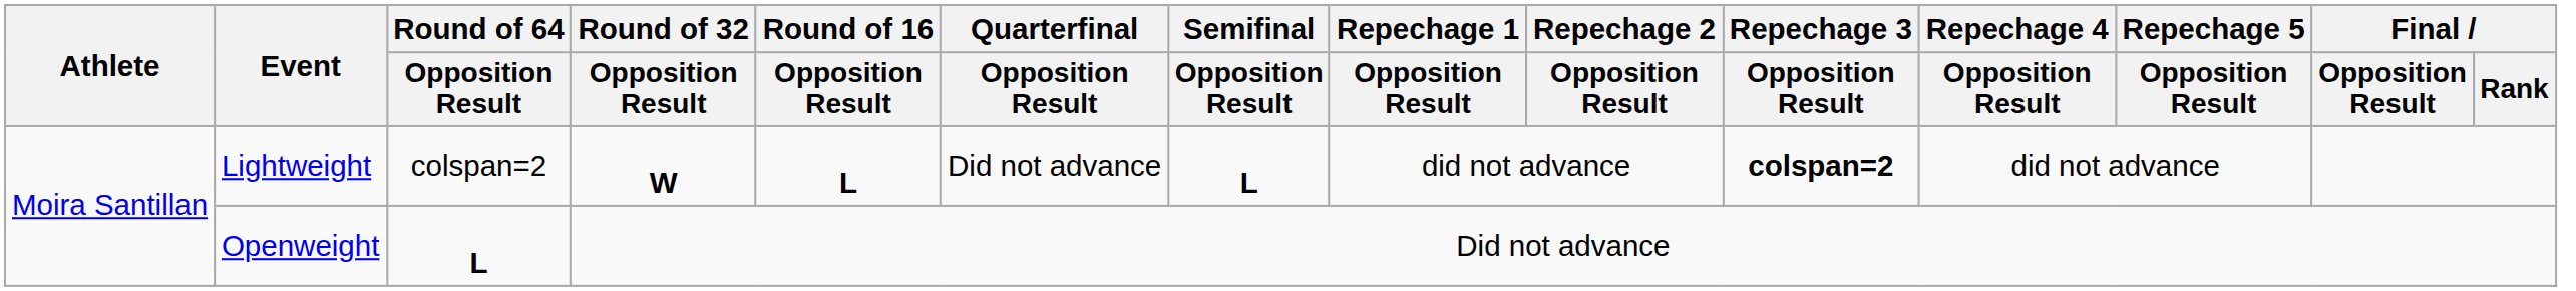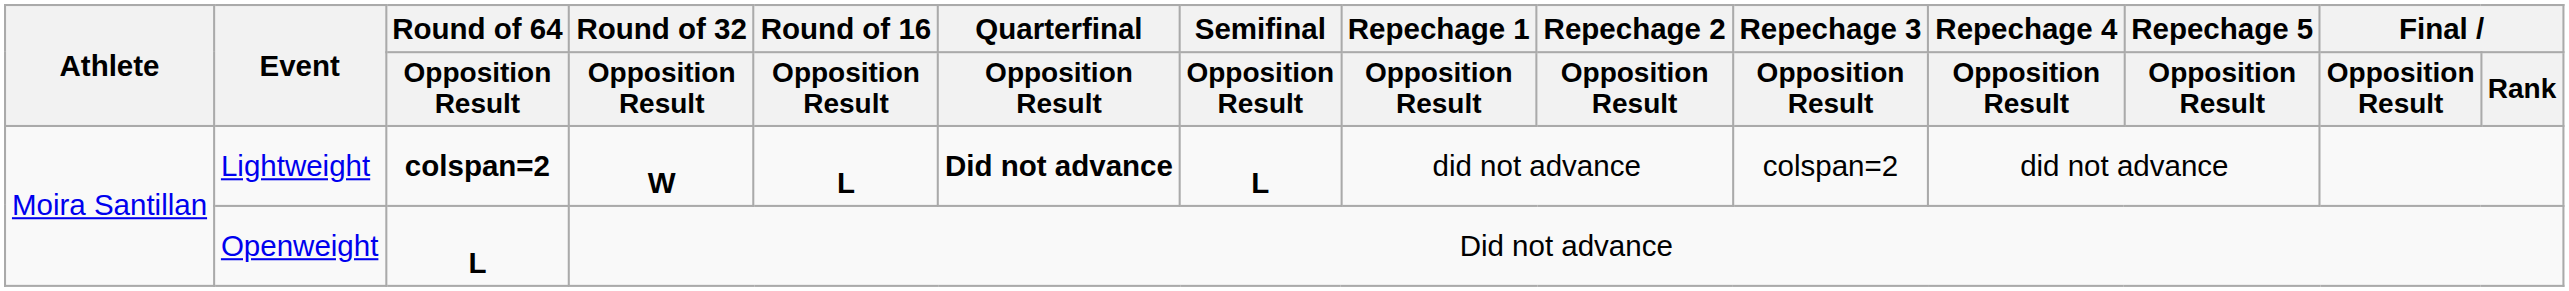 <table class=wikitable style=font-size:90%;text-align:center>
 <tr>
 <th rowspan=2>Athlete</th>
 <th rowspan=2>Event</th>
 <th>Round of 64</th>
 <th>Round of 32</th>
 <th>Round of 16</th>
 <th>Quarterfinal</th>
 <th>Semifinal</th>
 <th>Repechage 1</th>
 <th>Repechage 2</th>
 <th>Repechage 3</th>
 <th>Repechage 4</th>
 <th>Repechage 5</th>
 <th colspan=2>Final / </th>
 </tr>
 <tr style=font-size:95%>
 <th>Opposition<br>Result</th>
 <th>Opposition<br>Result</th>
 <th>Opposition<br>Result</th>
 <th>Opposition<br>Result</th>
 <th>Opposition<br>Result</th>
 <th>Opposition<br>Result</th>
 <th>Opposition<br>Result</th>
 <th>Opposition<br>Result</th>
 <th>Opposition<br>Result</th>
 <th>Opposition<br>Result</th>
 <th>Opposition<br>Result</th>
 <th>Rank</th>
 </tr>
 <tr>
 <td align=left rowspan=2><a href='#'>Moira Santillan</a></td>
 <td align=left><a href='#'>Lightweight</a></td>
-<td>colspan=2 </td>
+<td><strong>colspan=2 </strong></td>
 <td><br><strong>W</strong></td>
 <td><br><strong>L</strong></td>
-<td>Did not advance</td>
+<td><strong>Did not advance</strong></td>
 <td><br><strong>L</strong></td>
 <td colspan=2>did not advance</td>
-<td><strong>colspan=2 </strong></td>
+<td>colspan=2 </td>
 <td colspan=2>did not advance</td>
 </tr>
 <tr>
 <td align=left><a href='#'>Openweight</a></td>
 <td><br><strong>L</strong></td>
 <td colspan=11>Did not advance</td>
 </tr>
 </table>
